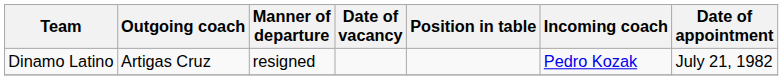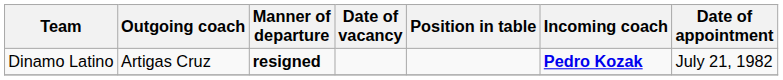 <table class="wikitable sortable">
 <tr>
 <th>Team</th>
 <th>Outgoing coach</th>
 <th>Manner of <br> departure</th>
 <th>Date of <br> vacancy</th>
 <th>Position in table</th>
 <th>Incoming coach</th>
 <th>Date of <br> appointment</th>
 </tr>
 <tr>
 <td>Dinamo Latino</td>
 <td>Artigas Cruz</td>
-<td>resigned</td>
+<td><strong>resigned</strong></td>
 <td></td>
 <td></td>
-<td> <a href='#'>Pedro Kozak</a></td>
+<td><strong> <a href='#'>Pedro Kozak</a></strong></td>
 <td>July 21, 1982</td>
 </tr>
 <tr>
 </tr>
 </table>
